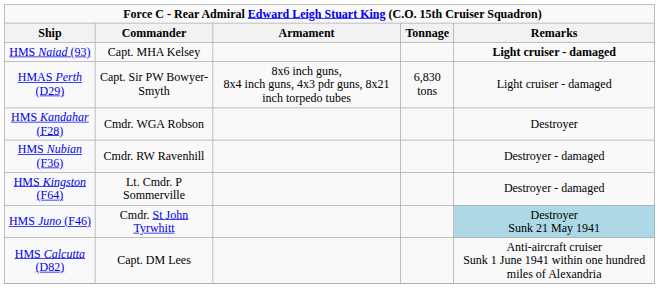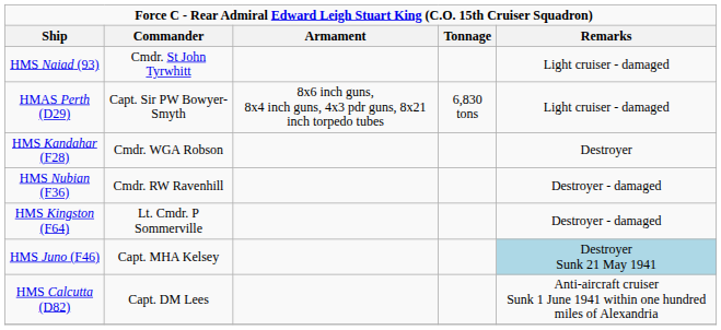 <table class="wikitable" style="text-align: center;">
 <tr>
 <th colspan="14" style="background: #f9f9f9;">  <strong>Force C - Rear Admiral <a href='#'>Edward Leigh Stuart King</a> (C.O. 15th Cruiser Squadron)</strong></th>
 </tr>
 <tr>
 <th>Ship</th>
 <th>Commander</th>
 <th>Armament</th>
 <th>Tonnage</th>
 <th>Remarks</th>
 </tr>
 <tr>
 <td><a href='#'>HMS <em>Naiad</em> (93)</a></td>
-<td>Capt. MHA Kelsey</td>
+<td>Cmdr. <a href='#'>St John Tyrwhitt</a></td>
 <td></td>
 <td></td>
-<td><strong>Light cruiser - damaged</strong></td>
+<td>Light cruiser - damaged</td>
 </tr>
 <tr>
 <td><a href='#'>HMAS <em>Perth</em> (D29)</a></td>
 <td>Capt. Sir PW Bowyer-Smyth</td>
 <td>8x6 inch guns,<br>8x4 inch guns, 4x3 pdr guns, 8x21 inch torpedo tubes</td>
 <td>6,830 tons</td>
 <td>Light cruiser - damaged</td>
 </tr>
 <tr>
 <td><a href='#'>HMS <em>Kandahar</em> (F28)</a></td>
 <td>Cmdr. WGA Robson</td>
 <td></td>
 <td></td>
 <td>Destroyer</td>
 </tr>
 <tr>
 <td><a href='#'>HMS <em>Nubian</em> (F36)</a></td>
 <td>Cmdr. RW Ravenhill</td>
 <td></td>
 <td></td>
 <td>Destroyer - damaged</td>
 </tr>
 <tr>
 <td><a href='#'>HMS <em>Kingston</em> (F64)</a></td>
 <td>Lt. Cmdr. P Sommerville</td>
 <td></td>
 <td></td>
 <td>Destroyer - damaged</td>
 </tr>
 <tr>
 <td><a href='#'>HMS <em>Juno</em> (F46)</a></td>
-<td>Cmdr. <a href='#'>St John Tyrwhitt</a></td>
+<td>Capt. MHA Kelsey</td>
 <td></td>
 <td></td>
 <td style="background: lightblue;">Destroyer<br>Sunk 21 May 1941</td>
 </tr>
 <tr>
 <td><a href='#'>HMS <em>Calcutta</em> (D82)</a></td>
 <td>Capt. DM Lees</td>
 <td></td>
 <td></td>
 <td>Anti-aircraft cruiser<br>Sunk 1 June 1941 within one hundred miles of Alexandria</td>
 </tr>
 <tr>
 </tr>
 </table>
